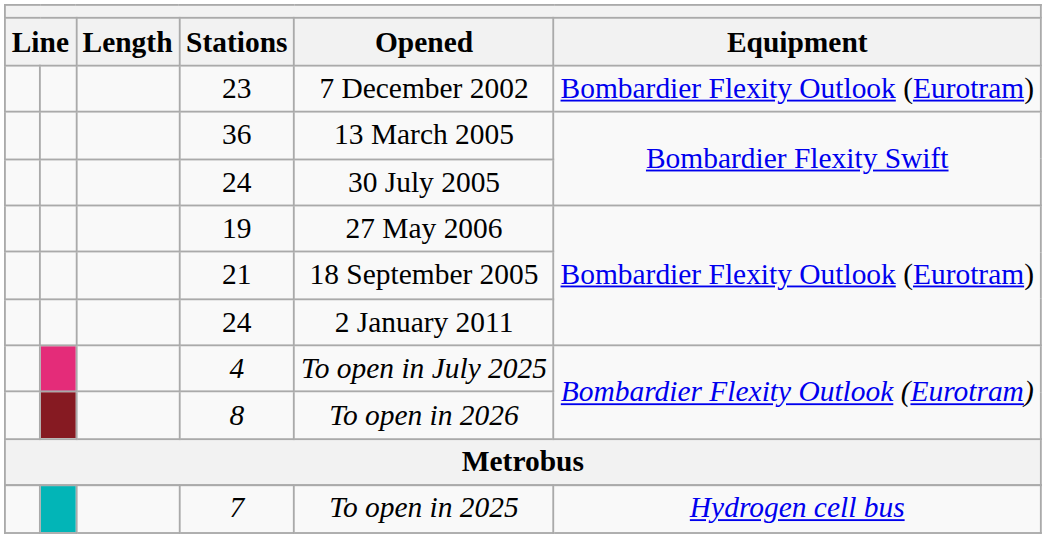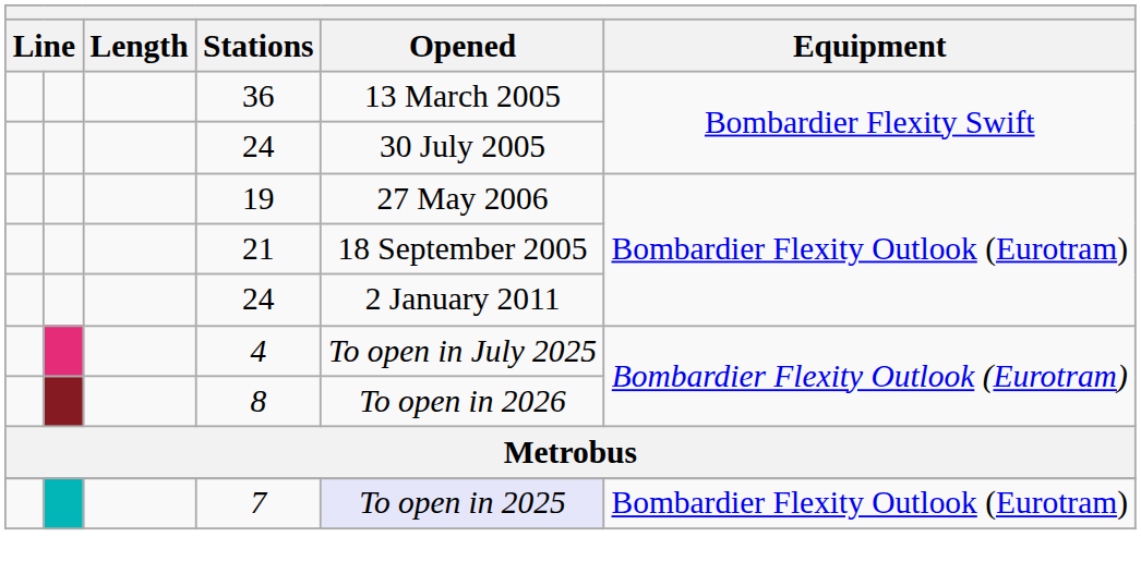 <table class=wikitable>
 <tr>
 <th colspan=6> </th>
 </tr>
 <tr>
 <th colspan=2>Line</th>
 <th>Length</th>
 <th>Stations</th>
 <th>Opened</th>
 <th>Equipment</th>
-</tr>
-<tr style="text-align:center;">
-<td></td>
-<td style="background:#"><a href='#'></a></td>
-<td></td>
-<td>23</td>
-<td>7 December 2002</td>
-<td><a href='#'>Bombardier Flexity Outlook</a> (<a href='#'>Eurotram</a>)</td>
 </tr>
 <tr style="text-align:center;">
 <td></td>
 <td style="background:#"><a href='#'></a></td>
 <td></td>
 <td>36</td>
 <td>13 March 2005</td>
 <td rowspan="2"><a href='#'>Bombardier Flexity Swift</a></td>
 </tr>
 <tr style="text-align:center;">
 <td></td>
 <td style="background:#"><a href='#'></a></td>
 <td></td>
 <td>24</td>
 <td>30 July 2005</td>
 </tr>
 <tr style="text-align:center;">
 <td></td>
 <td style="background:#"><a href='#'></a></td>
 <td></td>
 <td>19</td>
 <td>27 May 2006</td>
 <td rowspan="3"><a href='#'>Bombardier Flexity Outlook</a> (<a href='#'>Eurotram</a>)</td>
 </tr>
 <tr style="text-align:center;">
 <td></td>
 <td style="background:#"><a href='#'></a></td>
 <td></td>
 <td>21</td>
 <td>18 September 2005</td>
 </tr>
 <tr style="text-align:center;">
 <td></td>
 <td style="background:#"><a href='#'></a></td>
 <td></td>
 <td>24</td>
 <td>2 January 2011</td>
 </tr>
 <tr style="text-align:center;">
 <td></td>
 <td style="background:#e42c79"><a href='#'></a></td>
 <td><em></em></td>
 <td><em>4</em></td>
 <td><em>To open in July 2025</em></td>
 <td rowspan="2"><em><a href='#'>Bombardier Flexity Outlook</a> (<a href='#'>Eurotram</a>)</em></td>
 </tr>
 <tr style="text-align:center;">
 <td></td>
 <td style="background:#861a22"><a href='#'></a></td>
 <td><em></em></td>
 <td><em>8</em></td>
 <td><em>To open in 2026</em></td>
 </tr>
 <tr>
 <th colspan=6>Metrobus </th>
 </tr>
 <tr>
 </tr>
 <tr style="text-align:center;">
 <td></td>
 <td style="background:#02b5b7"><a href='#'></a></td>
 <td><em></em></td>
 <td><em>7</em></td>
-<td><em>To open in 2025</em></td>
-<td><a href='#'><em>Hydrogen cell bus</em></a></td>
+<td style="background: lavender;"><em>To open in 2025</em></td>
+<td><a href='#'>Bombardier Flexity Outlook</a> (<a href='#'>Eurotram</a>)</td>
 </tr>
 </table>
